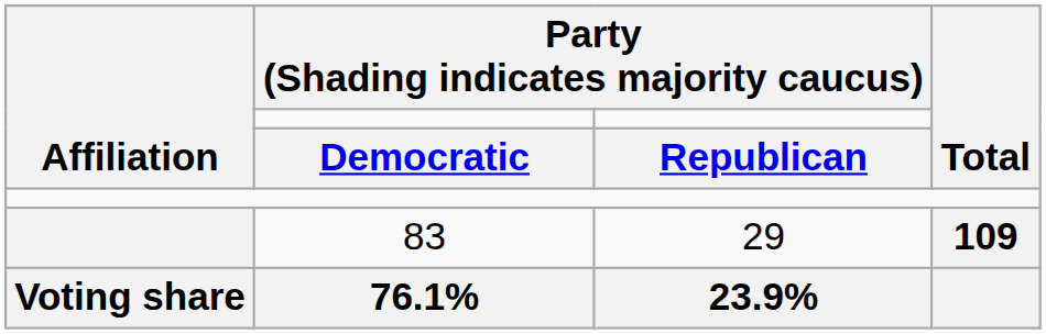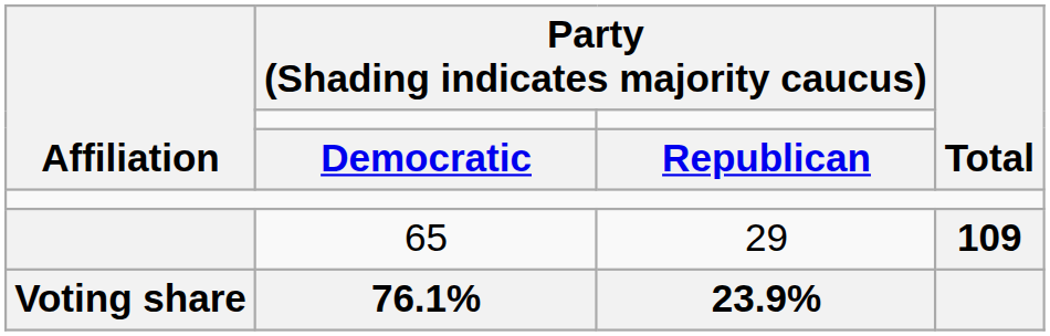 <table class=wikitable style="text-align:center">
 <tr style="vertical-align:bottom;">
 <th rowspan=3>Affiliation</th>
 <th colspan=2>Party <div>(Shading indicates majority caucus)</div></th>
 <th rowspan=3>Total</th>
 </tr>
 <tr style="height:5px">
 <td style="background-color:"></td>
 <td style="background-color:"></td>
 </tr>
 <tr>
 <th><a href='#'>Democratic</a></th>
 <th><a href='#'>Republican</a></th>
 </tr>
 <tr>
 <td colspan=5></td>
 </tr>
 <tr>
 <th nowrap style="font-size:80%"></th>
-<td>83</td>
+<td>65</td>
 <td>29</td>
 <th>109</th>
 </tr>
 <tr>
 <th>Voting share</th>
 <th>76.1%</th>
 <th>23.9%</th>
 <th colspan=2></th>
 </tr>
 </table>
